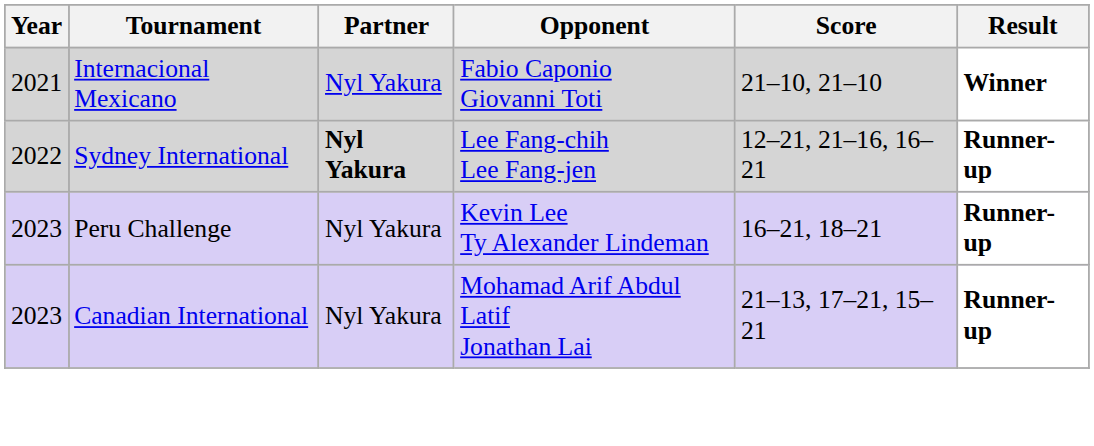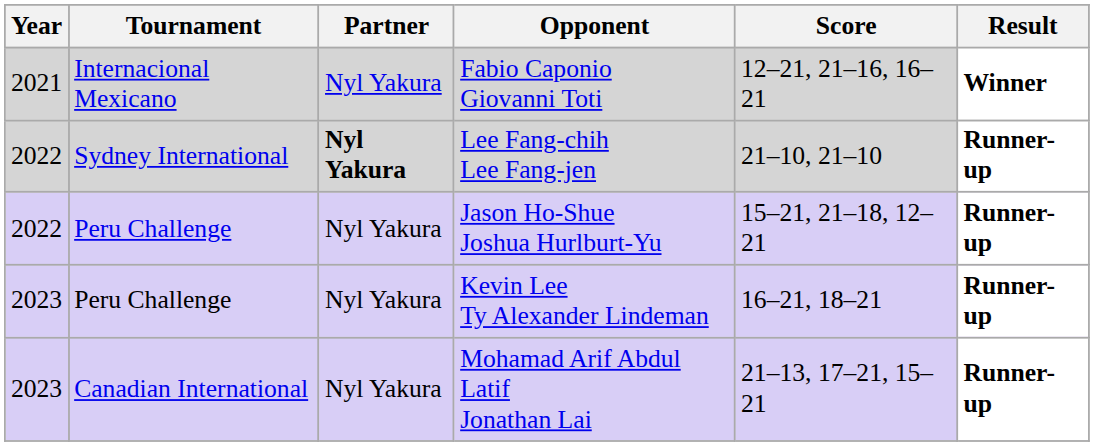 <table class="sortable wikitable" style="font-size: 90%;">
 <tr>
 <th>Year</th>
 <th>Tournament</th>
 <th>Partner</th>
 <th>Opponent</th>
 <th>Score</th>
 <th>Result</th>
 </tr>
 <tr style="background:#D5D5D5">
 <td align="center">2021</td>
 <td align="left"><a href='#'>Internacional Mexicano</a></td>
 <td align="left"> <a href='#'>Nyl Yakura</a></td>
 <td align="left"> <a href='#'>Fabio Caponio</a><br> <a href='#'>Giovanni Toti</a></td>
-<td align="left">21–10, 21–10</td>
+<td align="left">12–21, 21–16, 16–21</td>
 <td style="text-align:left; background:white"> <strong>Winner</strong></td>
 </tr>
 <tr style="background:#D5D5D5">
 <td align="center">2022</td>
 <td align="left"><a href='#'>Sydney International</a></td>
 <td align="left"><strong> Nyl Yakura</strong></td>
 <td align="left"> <a href='#'>Lee Fang-chih</a><br> <a href='#'>Lee Fang-jen</a></td>
-<td align="left">12–21, 21–16, 16–21</td>
+<td align="left">21–10, 21–10</td>
+<td style="text-align:left; background:white"> <strong>Runner-up</strong></td>
+</tr>
+<tr style="background:#D8CEF6">
+<td align="center">2022</td>
+<td align="left"><a href='#'>Peru Challenge</a></td>
+<td align="left"> Nyl Yakura</td>
+<td align="left"> <a href='#'>Jason Ho-Shue</a><br> <a href='#'>Joshua Hurlburt-Yu</a></td>
+<td align="left">15–21, 21–18, 12–21</td>
 <td style="text-align:left; background:white"> <strong>Runner-up</strong></td>
 </tr>
 <tr style="background:#D8CEF6">
 <td align="center">2023</td>
 <td align="left">Peru Challenge</td>
 <td align="left"> Nyl Yakura</td>
 <td align="left"> <a href='#'>Kevin Lee</a><br> <a href='#'>Ty Alexander Lindeman</a></td>
 <td align="left">16–21, 18–21</td>
 <td style="text-align:left; background:white"> <strong>Runner-up</strong></td>
 </tr>
 <tr style="background:#D8CEF6">
 <td align="center">2023</td>
 <td align="left"><a href='#'>Canadian International</a></td>
 <td align="left"> Nyl Yakura</td>
 <td align="left"> <a href='#'>Mohamad Arif Abdul Latif</a><br> <a href='#'>Jonathan Lai</a></td>
 <td align="left">21–13, 17–21, 15–21</td>
 <td style="text-align:left; background:white"> <strong>Runner-up</strong></td>
 </tr>
 </table>
